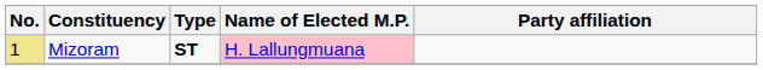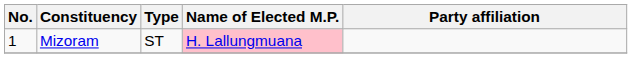 <table class="wikitable" style="font-size:95%;">
 <tr>
 <th>No.</th>
 <th>Constituency</th>
 <th>Type</th>
 <th>Name of Elected M.P.</th>
 <th colspan="2" style="width:18em">Party affiliation</th>
 </tr>
 <tr>
-<td style="background: khaki;">1</td>
+<td>1</td>
 <td><a href='#'>Mizoram</a></td>
-<td><strong>ST</strong></td>
+<td>ST</td>
 <td style="background: pink;"><a href='#'>H. Lallungmuana</a></td>
 <td></td>
 </tr>
 <tr>
 </tr>
 </table>
